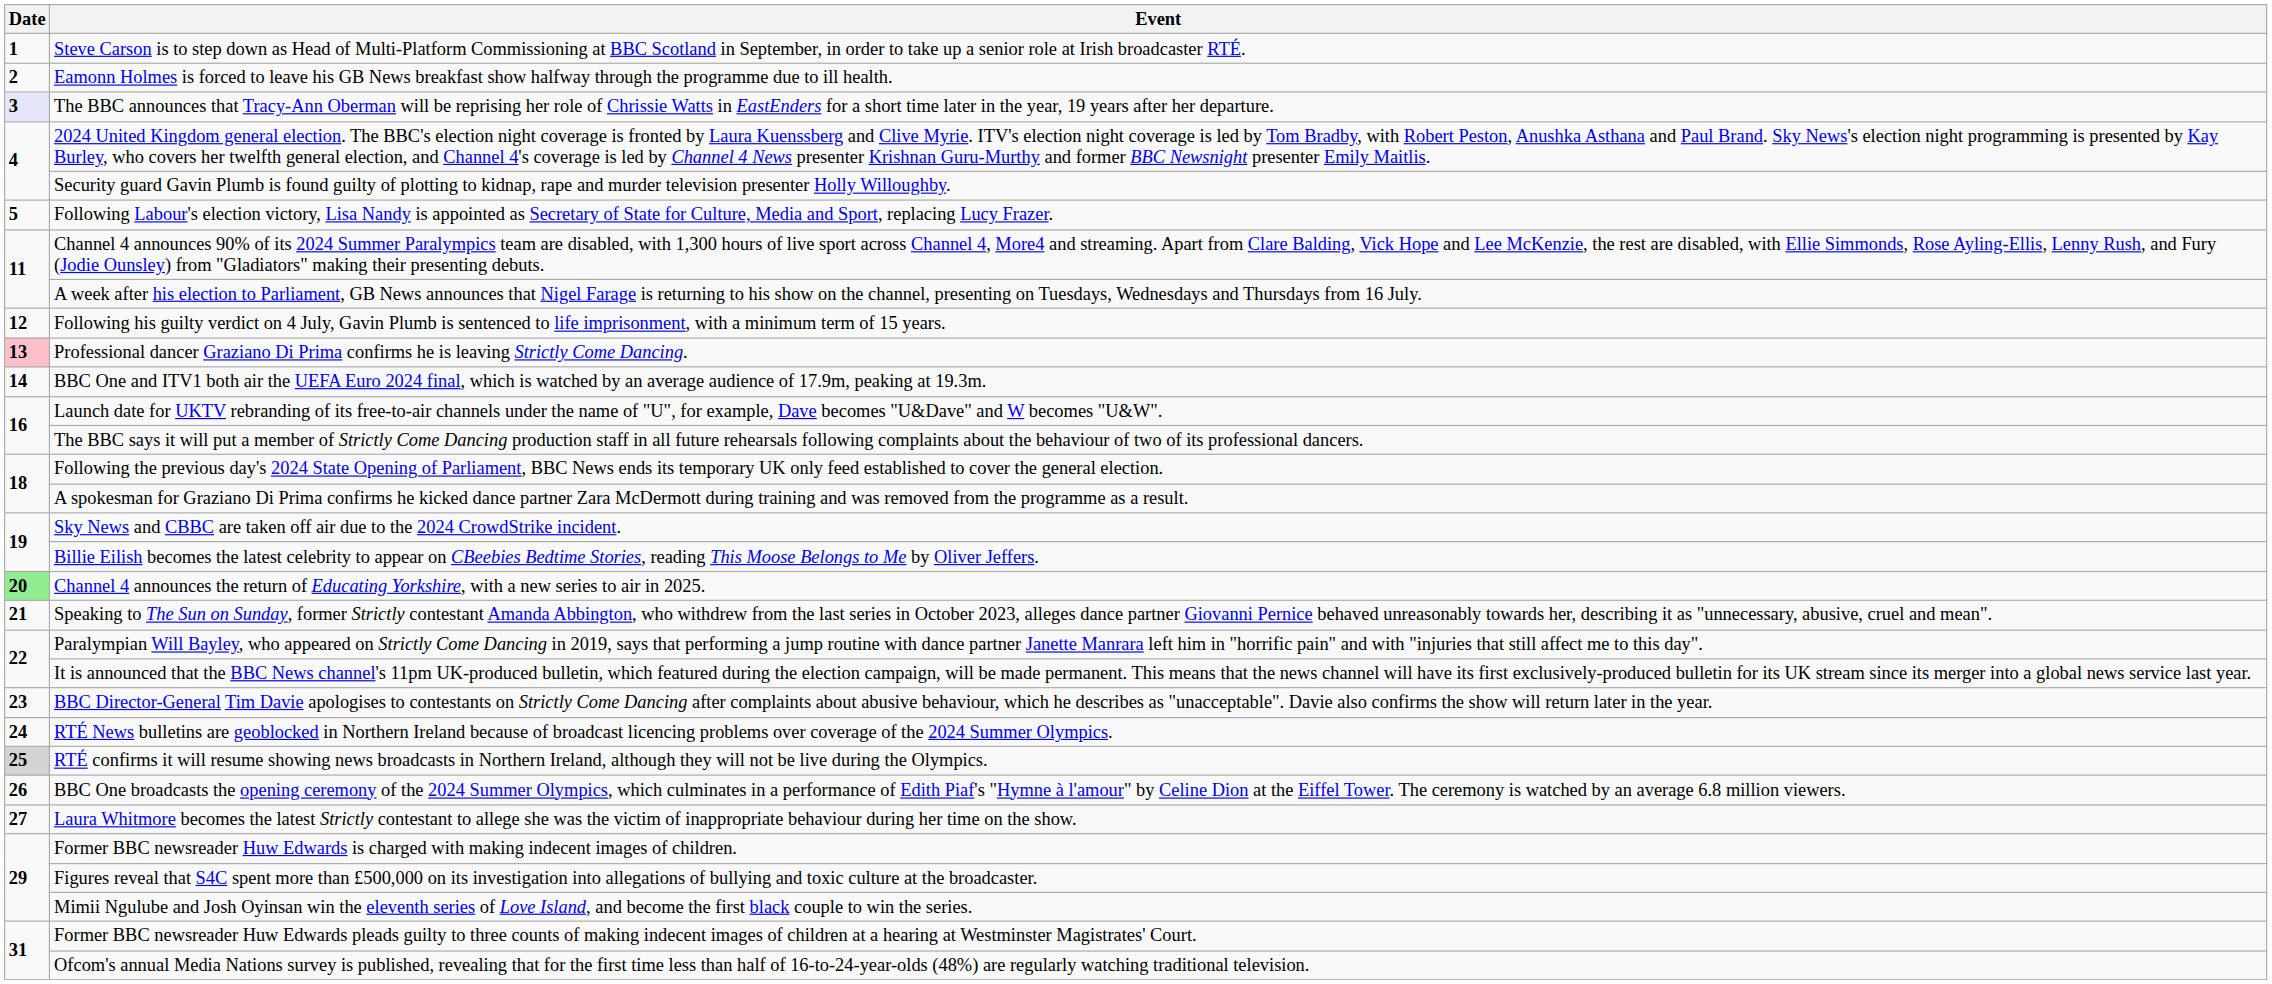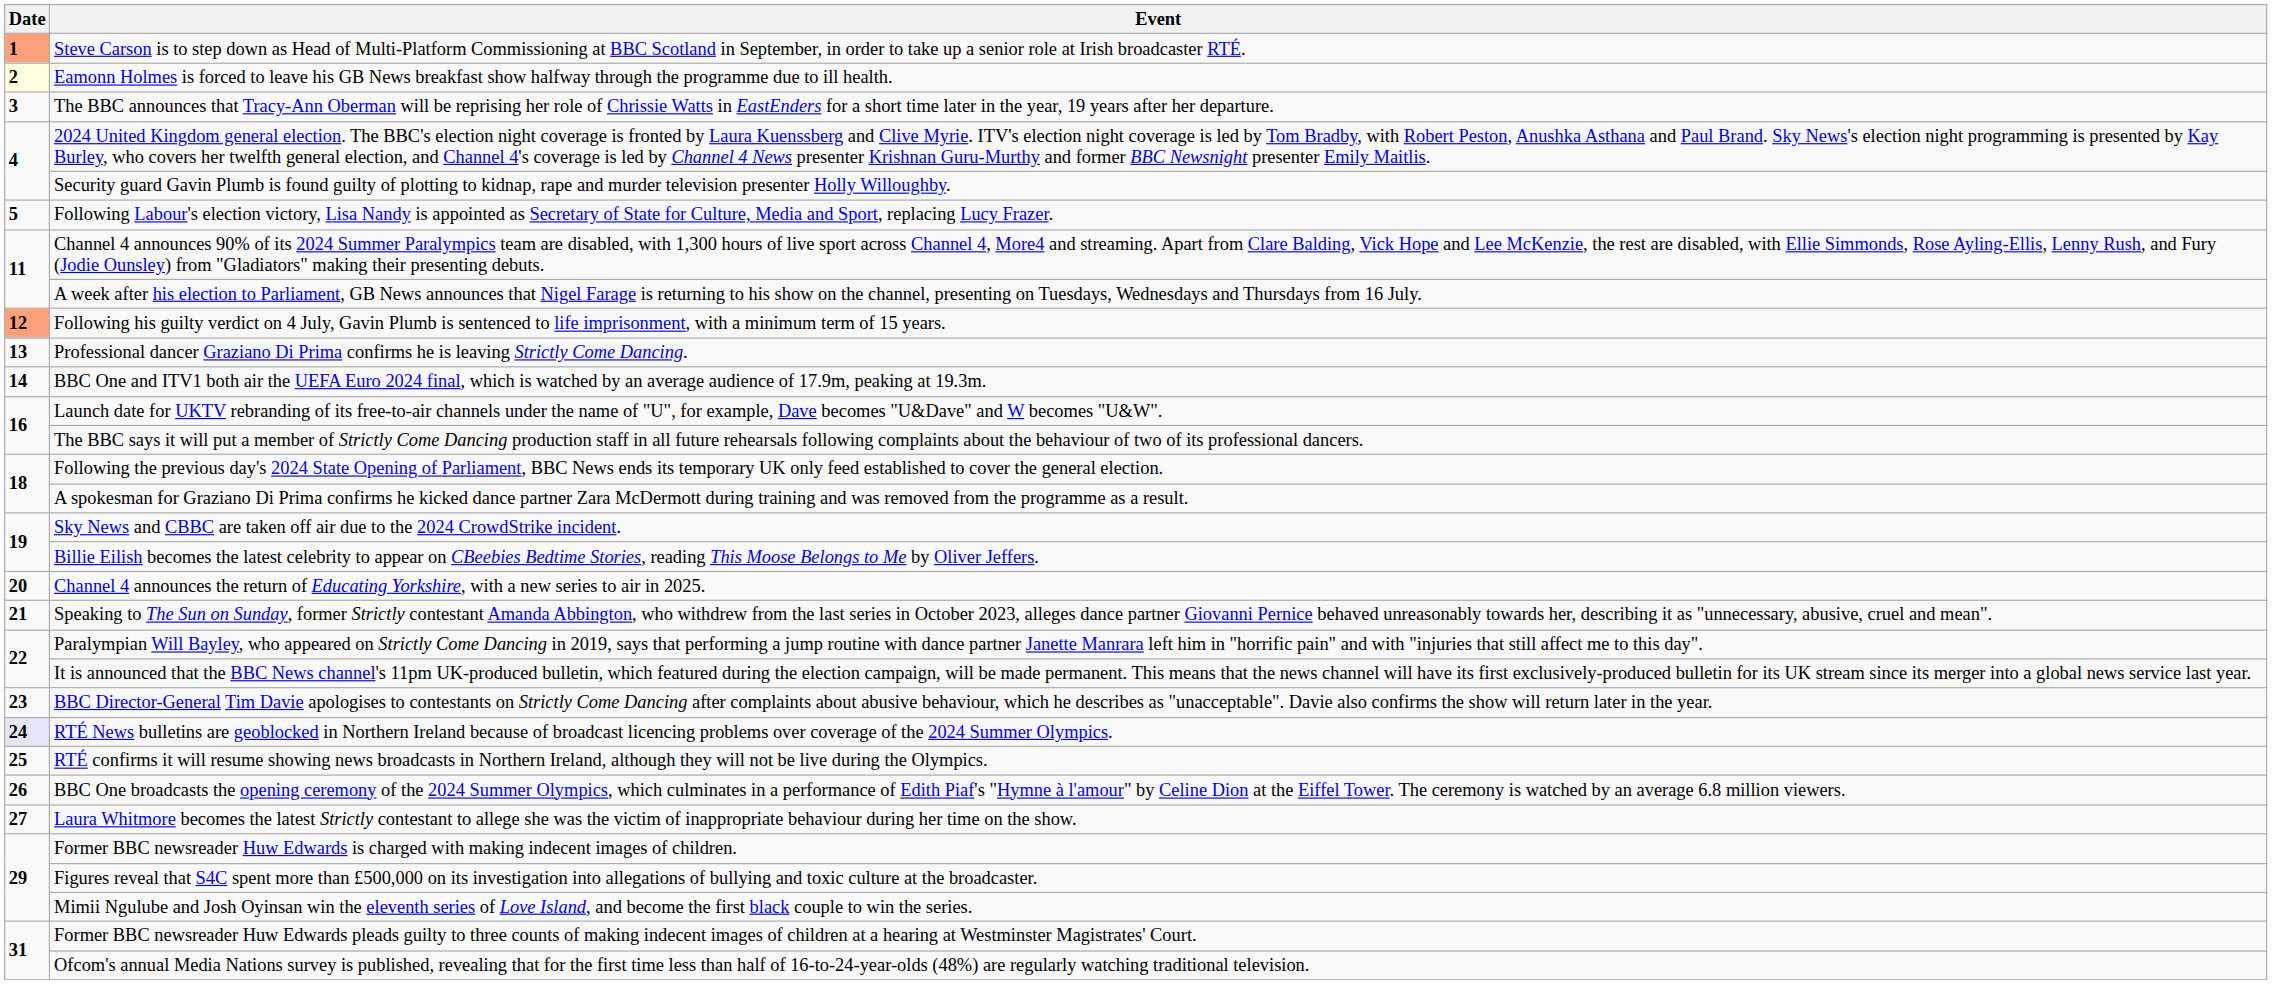 <table class="wikitable">
 <tr>
 <th>Date</th>
 <th>Event</th>
 </tr>
 <tr>
-<td><strong>1</strong></td>
+<td style="background: lightsalmon;"><strong>1</strong></td>
 <td><a href='#'>Steve Carson</a> is to step down as Head of Multi-Platform Commissioning at <a href='#'>BBC Scotland</a> in September, in order to take up a senior role at Irish broadcaster <a href='#'>RTÉ</a>.</td>
 </tr>
 <tr>
-<td><strong>2</strong></td>
+<td style="background: lightyellow;"><strong>2</strong></td>
 <td><a href='#'>Eamonn Holmes</a> is forced to leave his GB News breakfast show halfway through the programme due to ill health.</td>
 </tr>
 <tr>
-<td style="background: lavender;"><strong>3</strong></td>
+<td><strong>3</strong></td>
 <td>The BBC announces that <a href='#'>Tracy-Ann Oberman</a> will be reprising her role of <a href='#'>Chrissie Watts</a> in <em><a href='#'>EastEnders</a></em> for a short time later in the year, 19 years after her departure.</td>
 </tr>
 <tr>
 <td rowspan=2><strong>4</strong></td>
 <td><a href='#'>2024 United Kingdom general election</a>. The BBC's election night coverage is fronted by <a href='#'>Laura Kuenssberg</a> and <a href='#'>Clive Myrie</a>. ITV's election night coverage is led by <a href='#'>Tom Bradby</a>, with <a href='#'>Robert Peston</a>, <a href='#'>Anushka Asthana</a> and <a href='#'>Paul Brand</a>. <a href='#'>Sky News</a>'s election night programming is presented by <a href='#'>Kay Burley</a>, who covers her twelfth general election, and <a href='#'>Channel 4</a>'s coverage is led by <em><a href='#'>Channel 4 News</a></em> presenter <a href='#'>Krishnan Guru-Murthy</a> and former <em><a href='#'>BBC Newsnight</a></em> presenter <a href='#'>Emily Maitlis</a>.</td>
 </tr>
 <tr>
 <td>Security guard Gavin Plumb is found guilty of plotting to kidnap, rape and murder television presenter <a href='#'>Holly Willoughby</a>.</td>
 </tr>
 <tr>
 <td><strong>5</strong></td>
 <td>Following <a href='#'>Labour</a>'s election victory, <a href='#'>Lisa Nandy</a> is appointed as <a href='#'>Secretary of State for Culture, Media and Sport</a>, replacing <a href='#'>Lucy Frazer</a>.</td>
 </tr>
 <tr>
 <td rowspan=2><strong>11</strong></td>
 <td>Channel 4 announces 90% of its <a href='#'>2024 Summer Paralympics</a> team are disabled, with 1,300 hours of live sport across <a href='#'>Channel 4</a>, <a href='#'>More4</a> and streaming. Apart from <a href='#'>Clare Balding</a>, <a href='#'>Vick Hope</a> and <a href='#'>Lee McKenzie</a>, the rest are disabled, with <a href='#'>Ellie Simmonds</a>, <a href='#'>Rose Ayling-Ellis</a>, <a href='#'>Lenny Rush</a>, and Fury (<a href='#'>Jodie Ounsley</a>) from "Gladiators" making their presenting debuts.</td>
 </tr>
 <tr>
 <td>A week after <a href='#'>his election to Parliament</a>, GB News announces that <a href='#'>Nigel Farage</a> is returning to his show on the channel, presenting on Tuesdays, Wednesdays and Thursdays from 16 July.</td>
 </tr>
 <tr>
-<td><strong>12</strong></td>
+<td style="background: lightsalmon;"><strong>12</strong></td>
 <td>Following his guilty verdict on 4 July, Gavin Plumb is sentenced to <a href='#'>life imprisonment</a>, with a minimum term of 15 years.</td>
 </tr>
 <tr>
-<td style="background: pink;"><strong>13</strong></td>
+<td><strong>13</strong></td>
 <td>Professional dancer <a href='#'>Graziano Di Prima</a> confirms he is leaving <em><a href='#'>Strictly Come Dancing</a></em>.</td>
 </tr>
 <tr>
 <td><strong>14</strong></td>
 <td>BBC One and ITV1 both air the <a href='#'>UEFA Euro 2024 final</a>, which is watched by an average audience of 17.9m, peaking at 19.3m.</td>
 </tr>
 <tr>
 <td rowspan=2><strong>16</strong></td>
 <td>Launch date for <a href='#'>UKTV</a> rebranding of its free-to-air channels under the name of "U", for example, <a href='#'>Dave</a> becomes "U&Dave" and <a href='#'>W</a> becomes "U&W".</td>
 </tr>
 <tr>
 <td>The BBC says it will put a member of <em>Strictly Come Dancing</em> production staff in all future rehearsals following complaints about the behaviour of two of its professional dancers.</td>
 </tr>
 <tr>
 <td rowspan=2><strong>18</strong></td>
 <td>Following the previous day's <a href='#'>2024 State Opening of Parliament</a>, BBC News ends its temporary UK only feed established to cover the general election.</td>
 </tr>
 <tr>
 <td>A spokesman for Graziano Di Prima confirms he kicked dance partner Zara McDermott during training and was removed from the programme as a result.</td>
 </tr>
 <tr>
 <td rowspan=2><strong>19</strong></td>
 <td><a href='#'>Sky News</a> and <a href='#'>CBBC</a> are taken off air due to the <a href='#'>2024 CrowdStrike incident</a>.</td>
 </tr>
 <tr>
 <td><a href='#'>Billie Eilish</a> becomes the latest celebrity to appear on <em><a href='#'>CBeebies Bedtime Stories</a></em>, reading <em><a href='#'>This Moose Belongs to Me</a></em> by <a href='#'>Oliver Jeffers</a>.</td>
 </tr>
 <tr>
-<td style="background: lightgreen;"><strong>20</strong></td>
+<td><strong>20</strong></td>
 <td><a href='#'>Channel 4</a> announces the return of <em><a href='#'>Educating Yorkshire</a></em>, with a new series to air in 2025.</td>
 </tr>
 <tr>
 <td><strong>21</strong></td>
 <td>Speaking to <em><a href='#'>The Sun on Sunday</a></em>, former <em>Strictly</em> contestant <a href='#'>Amanda Abbington</a>, who withdrew from the last series in October 2023, alleges dance partner <a href='#'>Giovanni Pernice</a> behaved unreasonably towards her, describing it as "unnecessary, abusive, cruel and mean".</td>
 </tr>
 <tr>
 <td rowspan=2><strong>22</strong></td>
 <td>Paralympian <a href='#'>Will Bayley</a>, who appeared on <em>Strictly Come Dancing</em> in 2019, says that performing a jump routine with dance partner <a href='#'>Janette Manrara</a> left him in "horrific pain" and with "injuries that still affect me to this day".</td>
 </tr>
 <tr>
 <td>It is announced that the <a href='#'>BBC News channel</a>'s 11pm UK-produced bulletin, which featured during the election campaign, will be made permanent. This means that the news channel will have its first exclusively-produced bulletin for its UK stream since its merger into a global news service last year.</td>
 </tr>
 <tr>
 <td><strong>23</strong></td>
 <td><a href='#'>BBC Director-General</a> <a href='#'>Tim Davie</a> apologises to contestants on <em>Strictly Come Dancing</em> after complaints about abusive behaviour, which he describes as "unacceptable". Davie also confirms the show will return later in the year.</td>
 </tr>
 <tr>
-<td><strong>24</strong></td>
+<td style="background: lavender;"><strong>24</strong></td>
 <td><a href='#'>RTÉ News</a> bulletins are <a href='#'>geoblocked</a> in Northern Ireland because of broadcast licencing problems over coverage of the <a href='#'>2024 Summer Olympics</a>.</td>
 </tr>
 <tr>
-<td style="background: lightgrey;"><strong>25</strong></td>
+<td><strong>25</strong></td>
 <td><a href='#'>RTÉ</a> confirms it will resume showing news broadcasts in Northern Ireland, although they will not be live during the Olympics.</td>
 </tr>
 <tr>
 <td><strong>26</strong></td>
 <td>BBC One broadcasts the <a href='#'>opening ceremony</a> of the <a href='#'>2024 Summer Olympics</a>, which culminates in a performance of <a href='#'>Edith Piaf</a>'s "<a href='#'>Hymne à l'amour</a>" by <a href='#'>Celine Dion</a> at the <a href='#'>Eiffel Tower</a>. The ceremony is watched by an average 6.8 million viewers.</td>
 </tr>
 <tr>
 <td><strong>27</strong></td>
 <td><a href='#'>Laura Whitmore</a> becomes the latest <em>Strictly</em> contestant to allege she was the victim of inappropriate behaviour during her time on the show.</td>
 </tr>
 <tr>
 <td rowspan=3><strong>29</strong></td>
 <td>Former BBC newsreader <a href='#'>Huw Edwards</a> is charged with making indecent images of children.</td>
 </tr>
 <tr>
 <td>Figures reveal that <a href='#'>S4C</a> spent more than £500,000 on its investigation into allegations of bullying and toxic culture at the broadcaster.</td>
 </tr>
 <tr>
 <td>Mimii Ngulube and Josh Oyinsan win the <a href='#'>eleventh series</a> of <em><a href='#'>Love Island</a></em>, and become the first <a href='#'>black</a> couple to win the series.</td>
 </tr>
 <tr>
 <td rowspan=2><strong>31</strong></td>
 <td>Former BBC newsreader Huw Edwards pleads guilty to three counts of making indecent images of children at a hearing at Westminster Magistrates' Court.</td>
 </tr>
 <tr>
 <td>Ofcom's annual Media Nations survey is published, revealing that for the first time less than half of 16-to-24-year-olds (48%) are regularly watching traditional television.</td>
 </tr>
 </table>
